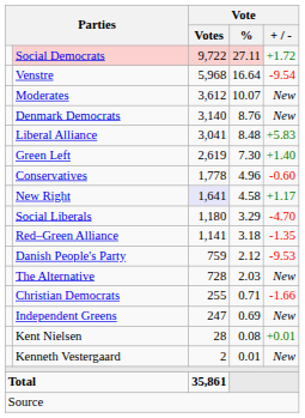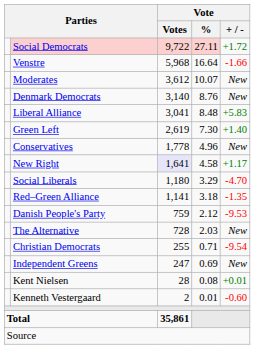 <table class="wikitable" style="text-align:right;">
 <tr>
 <th style="text-align:centre;" rowspan="2" colspan="2" width="225">Parties</th>
 <th colspan="3">Vote</th>
 </tr>
 <tr>
 <th width="15">Votes</th>
 <th width="15">%</th>
 <th width="15">+ / -</th>
 </tr>
 <tr>
 <td width="2" style="color:inherit;background:"></td>
 <td bgcolor=#fbd0ce  align="left"><a href='#'>Social Democrats</a></td>
 <td bgcolor=#fbd0ce>9,722</td>
 <td bgcolor=#fbd0ce>27.11</td>
 <td style=color:green;>+1.72</td>
 </tr>
 <tr>
 <td width="2" style="color:inherit;background:"></td>
 <td align="left"><a href='#'>Venstre</a></td>
 <td>5,968</td>
 <td>16.64</td>
-<td style=color:red;>-9.54</td>
+<td style=color:red;>-1.66</td>
 </tr>
 <tr>
 <td width="2" style="color:inherit;background:"></td>
 <td align="left"><a href='#'>Moderates</a></td>
 <td>3,612</td>
 <td>10.07</td>
 <td><em>New</em></td>
 </tr>
 <tr>
 <td width="2" style="color:inherit;background:"></td>
 <td align="left"><a href='#'>Denmark Democrats</a></td>
 <td>3,140</td>
 <td>8.76</td>
 <td><em>New</em></td>
 </tr>
 <tr>
 <td width="2" style="color:inherit;background:"></td>
 <td align="left"><a href='#'>Liberal Alliance</a></td>
 <td>3,041</td>
 <td>8.48</td>
 <td style=color:green;>+5.83</td>
 </tr>
 <tr>
 <td width="2" style="color:inherit;background:"></td>
 <td align="left"><a href='#'>Green Left</a></td>
 <td>2,619</td>
 <td>7.30</td>
 <td style=color:green;>+1.40</td>
 </tr>
 <tr>
 <td width="2" style="color:inherit;background:"></td>
 <td align="left"><a href='#'>Conservatives</a></td>
 <td>1,778</td>
 <td>4.96</td>
-<td style=color:red;>-0.60</td>
+<td><em>New</em></td>
 </tr>
 <tr>
 <td width="2" style="color:inherit;background:"></td>
 <td align="left"><a href='#'>New Right</a></td>
 <td style="background: lavender;">1,641</td>
 <td>4.58</td>
 <td style=color:green;>+1.17</td>
 </tr>
 <tr>
 <td width="2" style="color:inherit;background:"></td>
 <td align="left"><a href='#'>Social Liberals</a></td>
 <td>1,180</td>
 <td>3.29</td>
 <td style=color:red;>-4.70</td>
 </tr>
 <tr>
 <td width="2" style="color:inherit;background:"></td>
 <td align="left"><a href='#'>Red–Green Alliance</a></td>
 <td>1,141</td>
 <td>3.18</td>
 <td style=color:red;>-1.35</td>
 </tr>
 <tr>
 <td width="2" style="color:inherit;background:"></td>
 <td align="left"><a href='#'>Danish People's Party</a></td>
 <td>759</td>
 <td>2.12</td>
 <td style=color:red;>-9.53</td>
 </tr>
 <tr>
 <td width="2" style="color:inherit;background:"></td>
 <td align="left"><a href='#'>The Alternative</a></td>
 <td>728</td>
 <td>2.03</td>
 <td><em>New</em></td>
 </tr>
 <tr>
 <td width="2" style="color:inherit;background:"></td>
 <td align="left"><a href='#'>Christian Democrats</a></td>
 <td>255</td>
 <td>0.71</td>
-<td style=color:red;>-1.66</td>
+<td style=color:red;>-9.54</td>
 </tr>
 <tr>
 <td width="2" style="color:inherit;background:"></td>
 <td align="left"><a href='#'>Independent Greens</a></td>
 <td>247</td>
 <td>0.69</td>
 <td><em>New</em></td>
 </tr>
 <tr>
 <td width="2" style="color:inherit;background:"></td>
 <td align="left">Kent Nielsen</td>
 <td>28</td>
 <td>0.08</td>
 <td style=color:green;>+0.01</td>
 </tr>
 <tr>
 <td width="2" style="color:inherit;background:"></td>
 <td align="left">Kenneth Vestergaard</td>
 <td>2</td>
 <td>0.01</td>
-<td><em>New</em></td>
+<td style=color:red;>-0.60</td>
 </tr>
 <tr>
 <td colspan="7" bgcolor="#E9E9E9"></td>
 </tr>
 <tr>
 <td align="left" colspan="2"><strong>Total</strong></td>
 <td><strong>35,861</strong></td>
 <td bgcolor="#E9E9E9" colspan="2"></td>
 </tr>
 <tr>
 <td align="left" colspan="6">Source</td>
 </tr>
 </table>
